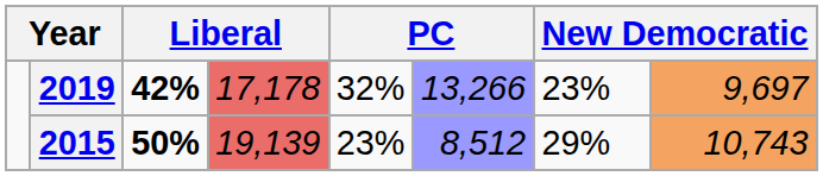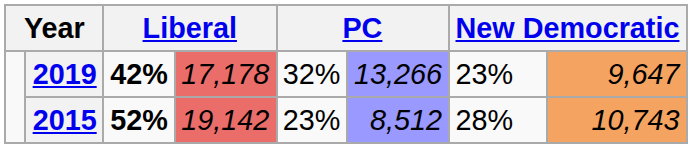 <table class="wikitable" style="float:right; width:400; font-size:90%; margin-left:1em;">
 <tr>
 <th colspan="2" scope="col">Year</th>
 <th colspan="2" scope="col"><a href='#'>Liberal</a></th>
 <th colspan="2" scope="col"><a href='#'>PC</a></th>
 <th colspan="2" scope="col"><a href='#'>New Democratic</a></th>
 </tr>
 <tr>
 <td rowspan="2" style="width: 0.25em; background-color: "></td>
 <th><a href='#'>2019</a></th>
 <td><strong>42%</strong></td>
 <td style="text-align:right; background:#EA6D6A;"><em>17,178</em></td>
 <td>32%</td>
 <td style="text-align:right; background:#9999FF;"><em>13,266</em></td>
 <td>23%</td>
-<td style="text-align:right; background:#F4A460;"><em>9,697</em></td>
+<td style="text-align:right; background:#F4A460;"><em>9,647</em></td>
 </tr>
 <tr>
 <th><a href='#'>2015</a></th>
-<td><strong>50%</strong></td>
-<td style="text-align:right; background:#EA6D6A;"><em>19,139</em></td>
+<td><strong>52%</strong></td>
+<td style="text-align:right; background:#EA6D6A;"><em>19,142</em></td>
 <td>23%</td>
 <td style="text-align:right; background:#9999FF;"><em>8,512</em></td>
-<td>29%</td>
+<td>28%</td>
 <td style="text-align:right; background:#F4A460;"><em>10,743</em></td>
 </tr>
 <tr>
 </tr>
 </table>
